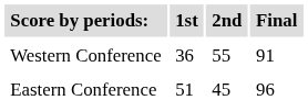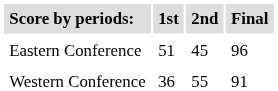 <table cellpadding=5>
 <tr style="background: #dddddd">
 <td><strong>Score by periods:</strong></td>
 <td><strong>1st</strong></td>
 <td><strong>2nd</strong></td>
 <td><strong>Final</strong></td>
 </tr>
 <tr>
+<td>Eastern Conference</td>
+<td>51</td>
+<td>45</td>
+<td>96</td>
+</tr>
+<tr>
 <td>Western Conference</td>
 <td>36</td>
 <td>55</td>
 <td>91</td>
 </tr>
 <tr>
-<td>Eastern Conference</td>
-<td>51</td>
-<td>45</td>
-<td>96</td>
-</tr>
-<tr>
 </tr>
 </table>
